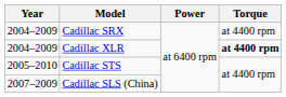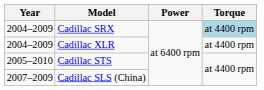 <table class=wikitable>
 <tr>
 <th>Year</th>
 <th>Model</th>
 <th>Power</th>
 <th>Torque</th>
 </tr>
 <tr>
 <td>2004–2009</td>
 <td><a href='#'>Cadillac SRX</a></td>
 <td rowspan=4> at 6400 rpm</td>
-<td> at 4400 rpm</td>
+<td style="background: lightblue;"> at 4400 rpm</td>
 </tr>
 <tr>
 <td>2004–2009</td>
 <td><a href='#'>Cadillac XLR</a></td>
-<td><strong> at 4400 rpm</strong></td>
+<td> at 4400 rpm</td>
 </tr>
 <tr>
 <td>2005–2010</td>
 <td><a href='#'>Cadillac STS</a></td>
 <td rowspan=2> at 4400 rpm</td>
 </tr>
 <tr>
 <td>2007–2009</td>
 <td><a href='#'>Cadillac SLS</a> (China)</td>
 </tr>
 </table>
